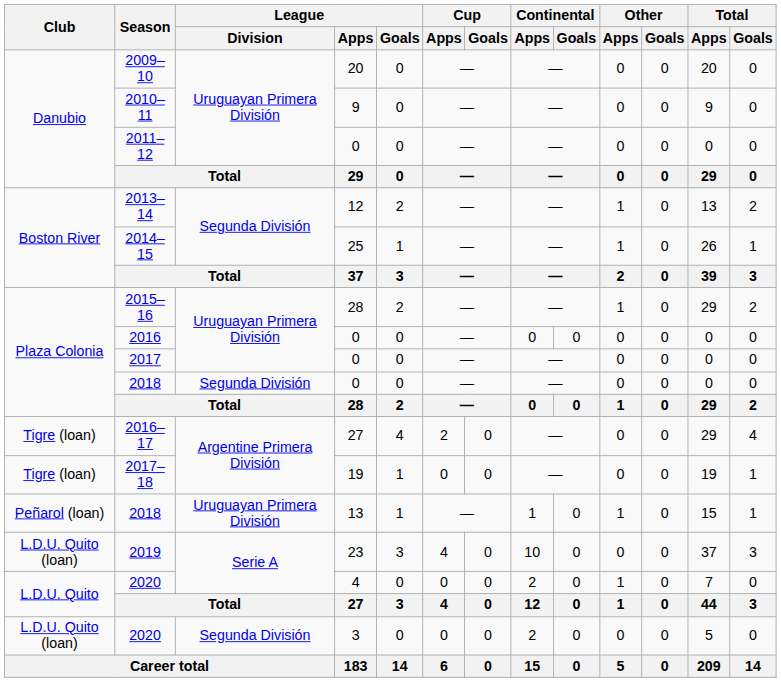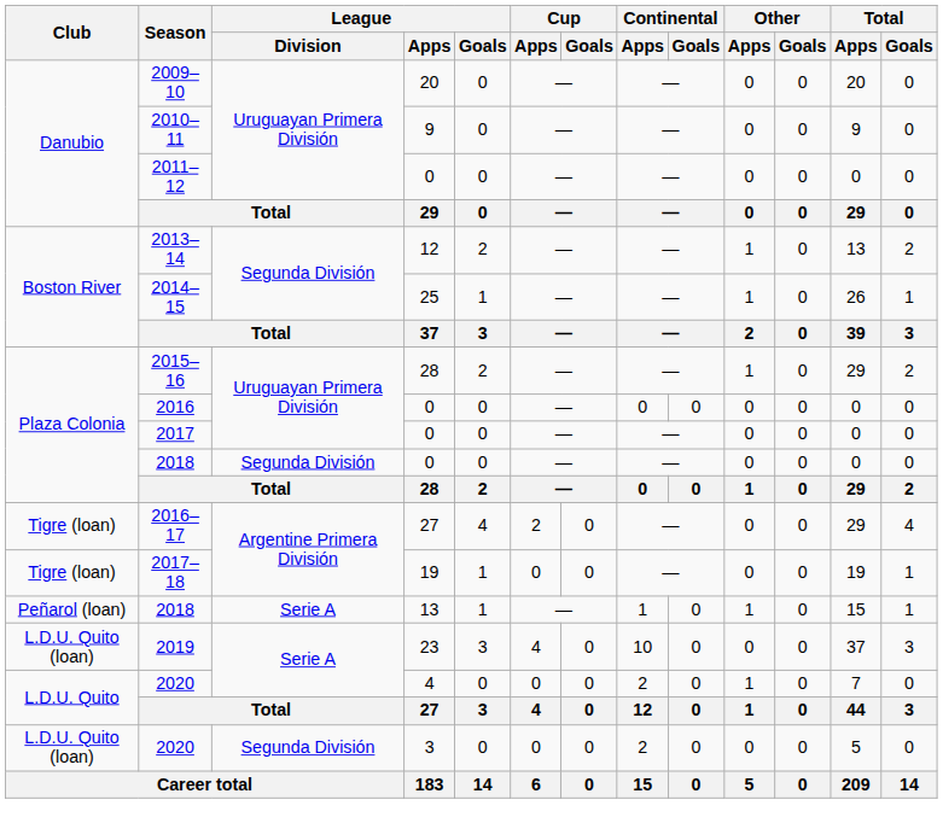 <table class="wikitable" style="text-align:center">
 <tr>
 <th rowspan="2">Club</th>
 <th rowspan="2">Season</th>
 <th colspan="3">League</th>
 <th colspan="2">Cup</th>
 <th colspan="2">Continental</th>
 <th colspan="2">Other</th>
 <th colspan="2">Total</th>
 </tr>
 <tr>
 <th>Division</th>
 <th>Apps</th>
 <th>Goals</th>
 <th>Apps</th>
 <th>Goals</th>
 <th>Apps</th>
 <th>Goals</th>
 <th>Apps</th>
 <th>Goals</th>
 <th>Apps</th>
 <th>Goals</th>
 </tr>
 <tr>
 <td rowspan="4"><a href='#'>Danubio</a></td>
 <td><a href='#'>2009–10</a></td>
 <td rowspan="3"><a href='#'>Uruguayan Primera División</a></td>
 <td>20</td>
 <td>0</td>
 <td colspan="2">—</td>
 <td colspan="2">—</td>
 <td>0</td>
 <td>0</td>
 <td>20</td>
 <td>0</td>
 </tr>
 <tr>
 <td><a href='#'>2010–11</a></td>
 <td>9</td>
 <td>0</td>
 <td colspan="2">—</td>
 <td colspan="2">—</td>
 <td>0</td>
 <td>0</td>
 <td>9</td>
 <td>0</td>
 </tr>
 <tr>
 <td><a href='#'>2011–12</a></td>
 <td>0</td>
 <td>0</td>
 <td colspan="2">—</td>
 <td colspan="2">—</td>
 <td>0</td>
 <td>0</td>
 <td>0</td>
 <td>0</td>
 </tr>
 <tr>
 <th colspan="2">Total</th>
 <th>29</th>
 <th>0</th>
 <th colspan="2">—</th>
 <th colspan="2">—</th>
 <th>0</th>
 <th>0</th>
 <th>29</th>
 <th>0</th>
 </tr>
 <tr>
 <td rowspan="3"><a href='#'>Boston River</a></td>
 <td><a href='#'>2013–14</a></td>
 <td rowspan="2"><a href='#'>Segunda División</a></td>
 <td>12</td>
 <td>2</td>
 <td colspan="2">—</td>
 <td colspan="2">—</td>
 <td>1</td>
 <td>0</td>
 <td>13</td>
 <td>2</td>
 </tr>
 <tr>
 <td><a href='#'>2014–15</a></td>
 <td>25</td>
 <td>1</td>
 <td colspan="2">—</td>
 <td colspan="2">—</td>
 <td>1</td>
 <td>0</td>
 <td>26</td>
 <td>1</td>
 </tr>
 <tr>
 <th colspan="2">Total</th>
 <th>37</th>
 <th>3</th>
 <th colspan="2">—</th>
 <th colspan="2">—</th>
 <th>2</th>
 <th>0</th>
 <th>39</th>
 <th>3</th>
 </tr>
 <tr>
 <td rowspan="5"><a href='#'>Plaza Colonia</a></td>
 <td><a href='#'>2015–16</a></td>
 <td rowspan="3"><a href='#'>Uruguayan Primera División</a></td>
 <td>28</td>
 <td>2</td>
 <td colspan="2">—</td>
 <td colspan="2">—</td>
 <td>1</td>
 <td>0</td>
 <td>29</td>
 <td>2</td>
 </tr>
 <tr>
 <td><a href='#'>2016</a></td>
 <td>0</td>
 <td>0</td>
 <td colspan="2">—</td>
 <td>0</td>
 <td>0</td>
 <td>0</td>
 <td>0</td>
 <td>0</td>
 <td>0</td>
 </tr>
 <tr>
 <td><a href='#'>2017</a></td>
 <td>0</td>
 <td>0</td>
 <td colspan="2">—</td>
 <td colspan="2">—</td>
 <td>0</td>
 <td>0</td>
 <td>0</td>
 <td>0</td>
 </tr>
 <tr>
 <td><a href='#'>2018</a></td>
 <td rowspan="1"><a href='#'>Segunda División</a></td>
 <td>0</td>
 <td>0</td>
 <td colspan="2">—</td>
 <td colspan="2">—</td>
 <td>0</td>
 <td>0</td>
 <td>0</td>
 <td>0</td>
 </tr>
 <tr>
 <th colspan="2">Total</th>
 <th>28</th>
 <th>2</th>
 <th colspan="2">—</th>
 <th>0</th>
 <th>0</th>
 <th>1</th>
 <th>0</th>
 <th>29</th>
 <th>2</th>
 </tr>
 <tr>
 <td rowspan="1"><a href='#'>Tigre</a> (loan)</td>
 <td><a href='#'>2016–17</a></td>
 <td rowspan="2"><a href='#'>Argentine Primera División</a></td>
 <td>27</td>
 <td>4</td>
 <td>2</td>
 <td>0</td>
 <td colspan="2">—</td>
 <td>0</td>
 <td>0</td>
 <td>29</td>
 <td>4</td>
 </tr>
 <tr>
 <td rowspan="1"><a href='#'>Tigre</a> (loan)</td>
 <td><a href='#'>2017–18</a></td>
 <td>19</td>
 <td>1</td>
 <td>0</td>
 <td>0</td>
 <td colspan="2">—</td>
 <td>0</td>
 <td>0</td>
 <td>19</td>
 <td>1</td>
 </tr>
 <tr>
 <td rowspan="1"><a href='#'>Peñarol</a> (loan)</td>
 <td><a href='#'>2018</a></td>
-<td rowspan="1"><a href='#'>Uruguayan Primera División</a></td>
+<td rowspan="1"><a href='#'>Serie A</a></td>
 <td>13</td>
 <td>1</td>
 <td colspan="2">—</td>
 <td>1</td>
 <td>0</td>
 <td>1</td>
 <td>0</td>
 <td>15</td>
 <td>1</td>
 </tr>
 <tr>
 <td rowspan="1"><a href='#'>L.D.U. Quito</a> (loan)</td>
 <td><a href='#'>2019</a></td>
 <td rowspan="2"><a href='#'>Serie A</a></td>
 <td>23</td>
 <td>3</td>
 <td>4</td>
 <td>0</td>
 <td>10</td>
 <td>0</td>
 <td>0</td>
 <td>0</td>
 <td>37</td>
 <td>3</td>
 </tr>
 <tr>
 <td rowspan="2"><a href='#'>L.D.U. Quito</a></td>
 <td><a href='#'>2020</a></td>
 <td>4</td>
 <td>0</td>
 <td>0</td>
 <td>0</td>
 <td>2</td>
 <td>0</td>
 <td>1</td>
 <td>0</td>
 <td>7</td>
 <td>0</td>
 </tr>
 <tr>
 <th colspan="2">Total</th>
 <th>27</th>
 <th>3</th>
 <th>4</th>
 <th>0</th>
 <th>12</th>
 <th>0</th>
 <th>1</th>
 <th>0</th>
 <th>44</th>
 <th>3</th>
 </tr>
 <tr>
 <td rowspan="1"><a href='#'>L.D.U. Quito</a> (loan)</td>
 <td><a href='#'>2020</a></td>
 <td rowspan="1"><a href='#'>Segunda División</a></td>
 <td>3</td>
 <td>0</td>
 <td>0</td>
 <td>0</td>
 <td>2</td>
 <td>0</td>
 <td>0</td>
 <td>0</td>
 <td>5</td>
 <td>0</td>
 </tr>
 <tr>
 <th colspan="3">Career total</th>
 <th>183</th>
 <th>14</th>
 <th>6</th>
 <th>0</th>
 <th>15</th>
 <th>0</th>
 <th>5</th>
 <th>0</th>
 <th>209</th>
 <th>14</th>
 </tr>
 </table>
